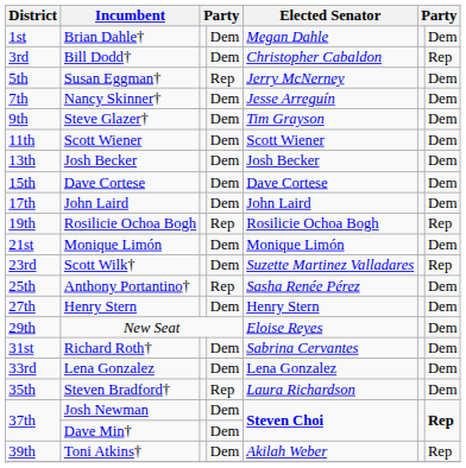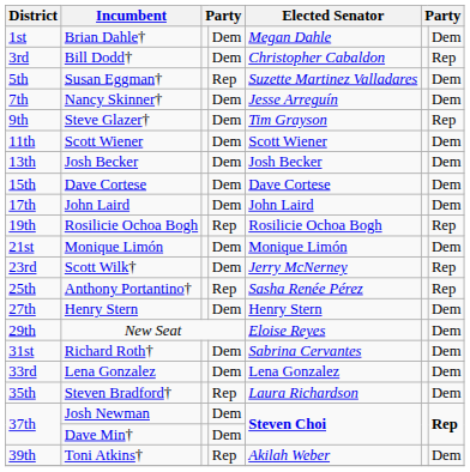 <table class="sortable wikitable" style="font-size:95%;line-height:14px;">
 <tr>
 <th>District</th>
 <th class="unsortable"><a href='#'>Incumbent</a></th>
 <th colspan="2">Party</th>
 <th class="unsortable">Elected Senator</th>
 <th colspan="2">Party</th>
 </tr>
 <tr>
 <td><a href='#'>1st</a></td>
 <td><a href='#'>Brian Dahle</a>†</td>
 <td style="background:"></td>
 <td>Dem</td>
 <td><em><a href='#'>Megan Dahle</a></em></td>
 <td style="background:"></td>
 <td>Dem</td>
 </tr>
 <tr>
 <td><a href='#'>3rd</a></td>
 <td><a href='#'>Bill Dodd</a>†</td>
 <td style="background:"></td>
 <td>Dem</td>
 <td><em><a href='#'>Christopher Cabaldon</a></em></td>
 <td style="background:"></td>
 <td>Rep</td>
 </tr>
 <tr>
 <td><a href='#'>5th</a></td>
 <td><a href='#'>Susan Eggman</a>†</td>
 <td style="background:"></td>
 <td>Rep</td>
-<td><em><a href='#'>Jerry McNerney</a></em></td>
+<td><em><a href='#'>Suzette Martinez Valladares</a></em></td>
 <td style="background:"></td>
 <td>Dem</td>
 </tr>
 <tr>
 <td><a href='#'>7th</a></td>
 <td><a href='#'>Nancy Skinner</a>†</td>
 <td style="background:"></td>
 <td>Dem</td>
 <td><em><a href='#'>Jesse Arreguín</a></em></td>
 <td style="background:"></td>
 <td>Dem</td>
 </tr>
 <tr>
 <td><a href='#'>9th</a></td>
 <td><a href='#'>Steve Glazer</a>†</td>
 <td style="background:"></td>
 <td>Dem</td>
 <td><em><a href='#'>Tim Grayson</a></em></td>
 <td style="background:"></td>
-<td>Dem</td>
+<td>Rep</td>
 </tr>
 <tr>
 <td><a href='#'>11th</a></td>
 <td><a href='#'>Scott Wiener</a></td>
 <td style="background:"></td>
 <td>Dem</td>
 <td><a href='#'>Scott Wiener</a></td>
 <td style="background:"></td>
 <td>Dem</td>
 </tr>
 <tr>
 <td><a href='#'>13th</a></td>
 <td><a href='#'>Josh Becker</a></td>
 <td style="background:"></td>
 <td>Dem</td>
 <td><a href='#'>Josh Becker</a></td>
 <td style="background:"></td>
 <td>Dem</td>
 </tr>
 <tr>
 <td><a href='#'>15th</a></td>
 <td><a href='#'>Dave Cortese</a></td>
 <td style="background:"></td>
 <td>Dem</td>
 <td><a href='#'>Dave Cortese</a></td>
 <td style="background:"></td>
 <td>Dem</td>
 </tr>
 <tr>
 <td><a href='#'>17th</a></td>
 <td><a href='#'>John Laird</a></td>
 <td style="background:"></td>
 <td>Dem</td>
 <td><a href='#'>John Laird</a></td>
 <td style="background:"></td>
 <td>Dem</td>
 </tr>
 <tr>
 <td><a href='#'>19th</a></td>
 <td><a href='#'>Rosilicie Ochoa Bogh</a></td>
 <td style="background:"></td>
 <td>Rep</td>
 <td><a href='#'>Rosilicie Ochoa Bogh</a></td>
 <td style="background:"></td>
 <td>Rep</td>
 </tr>
 <tr>
 <td><a href='#'>21st</a></td>
 <td><a href='#'>Monique Limón</a></td>
 <td style="background:"></td>
 <td>Dem</td>
 <td><a href='#'>Monique Limón</a></td>
 <td style="background:"></td>
 <td>Dem</td>
 </tr>
 <tr>
 <td><a href='#'>23rd</a></td>
 <td><a href='#'>Scott Wilk</a>†</td>
 <td style="background:"></td>
 <td>Dem</td>
-<td><em><a href='#'>Suzette Martinez Valladares</a></em></td>
+<td><em><a href='#'>Jerry McNerney</a></em></td>
 <td style="background:"></td>
 <td>Rep</td>
 </tr>
 <tr>
 <td><a href='#'>25th</a></td>
 <td><a href='#'>Anthony Portantino</a>†</td>
 <td style="background:"></td>
 <td>Rep</td>
 <td><em><a href='#'>Sasha Renée Pérez</a></em></td>
 <td style="background:"></td>
-<td>Dem</td>
+<td>Rep</td>
 </tr>
 <tr>
 <td><a href='#'>27th</a></td>
 <td><a href='#'>Henry Stern</a></td>
 <td style="background:"></td>
 <td>Dem</td>
 <td><a href='#'>Henry Stern</a></td>
 <td style="background:"></td>
 <td>Dem</td>
 </tr>
 <tr>
 <td><a href='#'>29th</a></td>
 <td colspan=3 align=center><em>New Seat</em></td>
 <td><em><a href='#'>Eloise Reyes</a></em></td>
 <td style="background:"></td>
 <td>Dem</td>
 </tr>
 <tr>
 <td><a href='#'>31st</a></td>
 <td><a href='#'>Richard Roth</a>†</td>
 <td style="background:"></td>
 <td>Dem</td>
 <td><em><a href='#'>Sabrina Cervantes</a></em></td>
 <td style="background:"></td>
 <td>Dem</td>
 </tr>
 <tr>
 <td><a href='#'>33rd</a></td>
 <td><a href='#'>Lena Gonzalez</a></td>
 <td style="background:"></td>
 <td>Dem</td>
 <td><a href='#'>Lena Gonzalez</a></td>
 <td style="background:"></td>
 <td>Dem</td>
 </tr>
 <tr>
 <td><a href='#'>35th</a></td>
 <td><a href='#'>Steven Bradford</a>†</td>
 <td style="background:"></td>
 <td>Rep</td>
 <td><em><a href='#'>Laura Richardson</a></em></td>
 <td style="background:"></td>
 <td>Dem</td>
 </tr>
 <tr>
 <td rowspan=2><a href='#'>37th</a></td>
 <td><a href='#'>Josh Newman</a></td>
 <td style="background:"></td>
 <td>Dem</td>
 <td rowspan=2><strong><a href='#'>Steven Choi</a></strong></td>
 <td rowspan=2 style="background:"></td>
 <td rowspan=2><strong>Rep</strong></td>
 </tr>
 <tr>
 <td><a href='#'>Dave Min</a>†</td>
 <td style="background:"></td>
 <td>Dem</td>
 </tr>
 <tr>
 <td><a href='#'>39th</a></td>
 <td><a href='#'>Toni Atkins</a>†</td>
 <td style="background:"></td>
-<td>Dem</td>
+<td>Rep</td>
 <td><em><a href='#'>Akilah Weber</a></em></td>
 <td style="background:"></td>
-<td>Rep</td>
+<td>Dem</td>
 </tr>
 <tr>
 </tr>
 </table>
